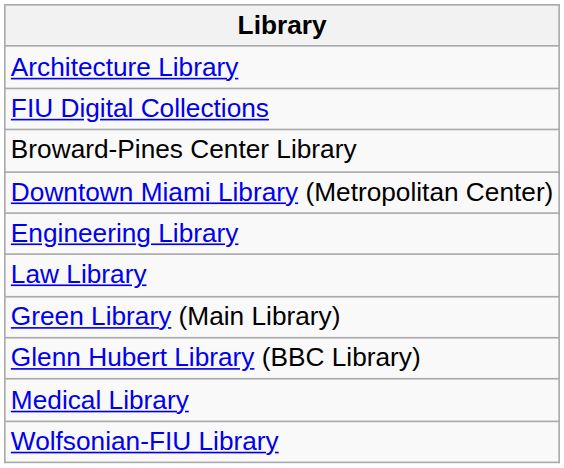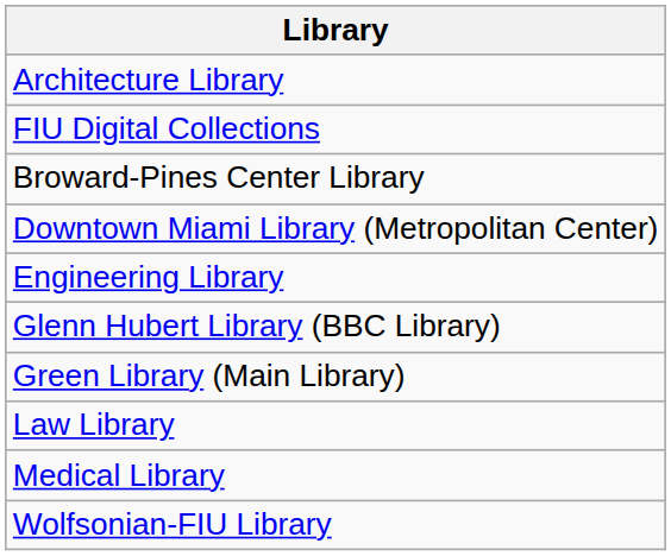 <table class="wikitable sortable">
 <tr>
 <th>Library</th>
 </tr>
 <tr valign="top">
 <td><a href='#'>Architecture Library</a></td>
 </tr>
 <tr valign="top">
 <td><a href='#'>FIU Digital Collections</a></td>
 </tr>
 <tr valign="top">
 <td>Broward-Pines Center Library</td>
 </tr>
 <tr valign="top">
 <td><a href='#'>Downtown Miami Library</a> (Metropolitan Center)</td>
 </tr>
 <tr valign="top">
 <td><a href='#'>Engineering Library</a></td>
 </tr>
 <tr valign="top">
-<td><a href='#'>Law Library</a></td>
+<td><a href='#'>Glenn Hubert Library</a> (BBC Library)</td>
 </tr>
 <tr valign="top">
 <td><a href='#'>Green Library</a> (Main Library)</td>
 </tr>
 <tr valign="top">
-<td><a href='#'>Glenn Hubert Library</a> (BBC Library)</td>
+<td><a href='#'>Law Library</a></td>
 </tr>
 <tr valign="top">
 <td><a href='#'>Medical Library</a></td>
 </tr>
 <tr valign="top">
 <td><a href='#'>Wolfsonian-FIU Library</a></td>
 </tr>
 </table>
